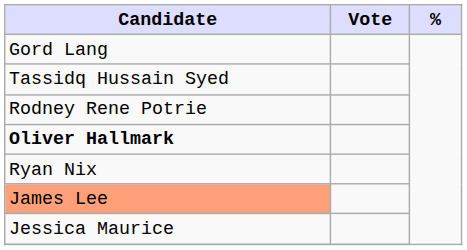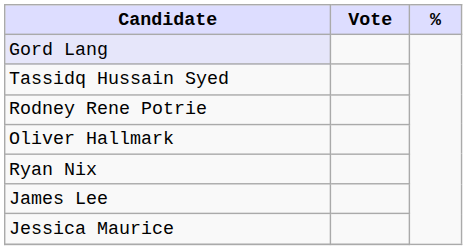 <table class="wikitable">
 <tr>
 <th style="background:#ddf; width:225px;">Candidate</th>
 <th style="background:#ddf; width:50px;">Vote</th>
 <th style="background:#ddf; width:30px;">%</th>
 </tr>
 <tr>
-<td>Gord Lang</td>
+<td style="background: lavender;">Gord Lang</td>
 <td></td>
 </tr>
 <tr>
 <td>Tassidq Hussain Syed</td>
 <td></td>
 </tr>
 <tr>
 <td>Rodney Rene Potrie</td>
 <td></td>
 </tr>
 <tr>
-<td><strong>Oliver Hallmark</strong></td>
+<td>Oliver Hallmark</td>
 <td></td>
 </tr>
 <tr>
 <td>Ryan Nix</td>
 <td></td>
 </tr>
 <tr>
-<td style="background: lightsalmon;">James Lee</td>
+<td>James Lee</td>
 <td></td>
 </tr>
 <tr>
 <td>Jessica Maurice</td>
 <td></td>
 </tr>
 <tr>
 </tr>
 </table>
